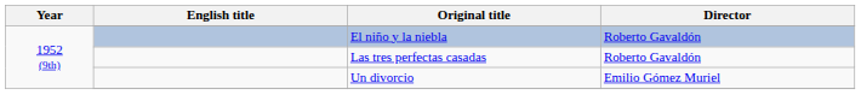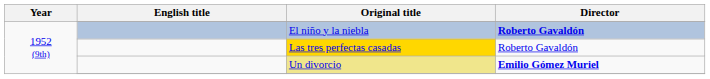 <table class="wikitable">
 <tr>
 <th width="100"><strong>Year</strong></th>
 <th width="300"><strong>English title</strong></th>
 <th width="300"><strong>Original title</strong></th>
 <th width="300"><strong>Director</strong></th>
 </tr>
 <tr>
 <td rowspan="6" style="text-align:center;"><a href='#'>1952</a><br><small><a href='#'>(9th)</a></small></td>
 </tr>
 <tr style="background:#B0C4DE;">
 <td></td>
 <td><a href='#'>El niño y la niebla</a></td>
+<td><strong><a href='#'>Roberto Gavaldón</a></strong></td>
+</tr>
+<tr>
+<td></td>
+<td style="background: gold;"><a href='#'>Las tres perfectas casadas</a></td>
 <td><a href='#'>Roberto Gavaldón</a></td>
 </tr>
 <tr>
 <td></td>
-<td><a href='#'>Las tres perfectas casadas</a></td>
-<td><a href='#'>Roberto Gavaldón</a></td>
-</tr>
-<tr>
-<td></td>
-<td><a href='#'>Un divorcio</a></td>
-<td><a href='#'>Emilio Gómez Muriel</a></td>
+<td style="background: khaki;"><a href='#'>Un divorcio</a></td>
+<td><strong><a href='#'>Emilio Gómez Muriel</a></strong></td>
 </tr>
 <tr>
 </tr>
 </table>
